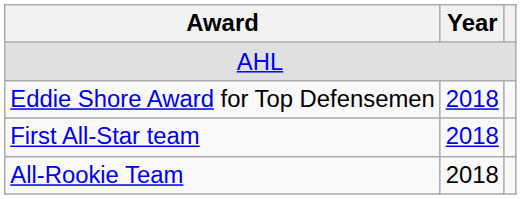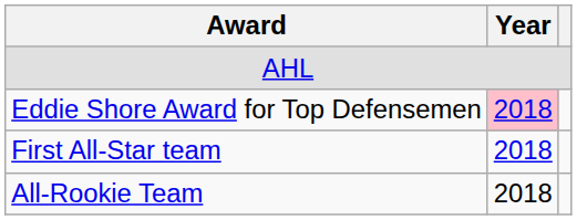 <table class="wikitable">
 <tr>
 <th>Award</th>
 <th>Year</th>
 <th></th>
 </tr>
 <tr ALIGN="center" bgcolor="#e0e0e0">
 <td colspan="3"><a href='#'>AHL</a></td>
 </tr>
 <tr>
 <td><a href='#'>Eddie Shore Award</a> for Top Defensemen</td>
-<td><a href='#'>2018</a></td>
+<td style="background: pink;"><a href='#'>2018</a></td>
 <td></td>
 </tr>
 <tr>
 <td><a href='#'>First All-Star team</a></td>
 <td><a href='#'>2018</a></td>
 <td></td>
 </tr>
 <tr>
 <td><a href='#'>All-Rookie Team</a></td>
 <td>2018</td>
 <td></td>
 </tr>
 </table>
